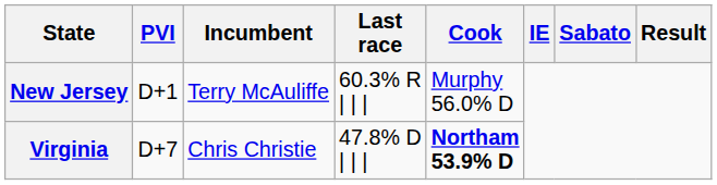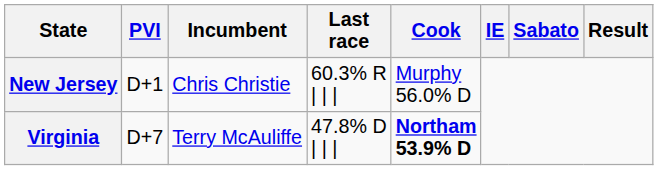 <table class="wikitable sortable">
 <tr>
 <th>State</th>
 <th><a href='#'>PVI</a></th>
 <th>Incumbent</th>
 <th>Last<br>race</th>
 <th scope="col"><a href='#'>Cook</a><br></th>
 <th><a href='#'>IE</a><br></th>
 <th><a href='#'>Sabato</a><br></th>
 <th>Result</th>
 </tr>
 <tr>
 <th><a href='#'>New Jersey</a></th>
 <td>D+1</td>
-<td><a href='#'>Terry McAuliffe</a> </td>
+<td><a href='#'>Chris Christie</a> </td>
 <td>60.3% R<br>| | |</td>
 <td><a href='#'>Murphy</a><br>56.0% D </td>
 </tr>
 <tr>
 <th><a href='#'>Virginia</a></th>
 <td>D+7</td>
-<td><a href='#'>Chris Christie</a> </td>
+<td><a href='#'>Terry McAuliffe</a> </td>
 <td>47.8% D<br>| | |</td>
 <td><strong><a href='#'>Northam</a><br>53.9% D</strong></td>
 </tr>
 </table>
